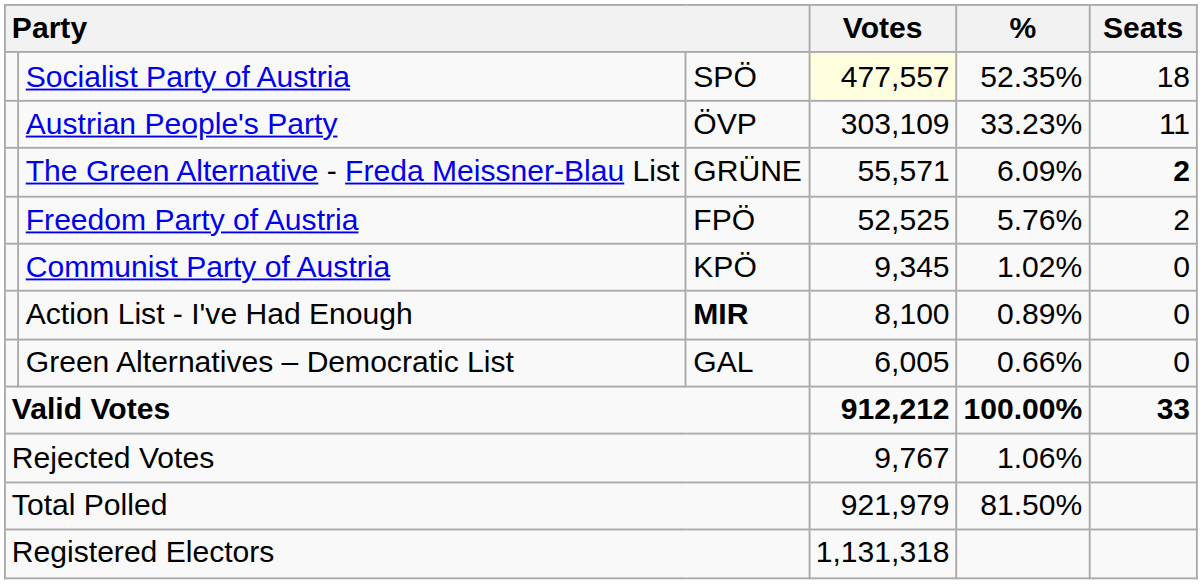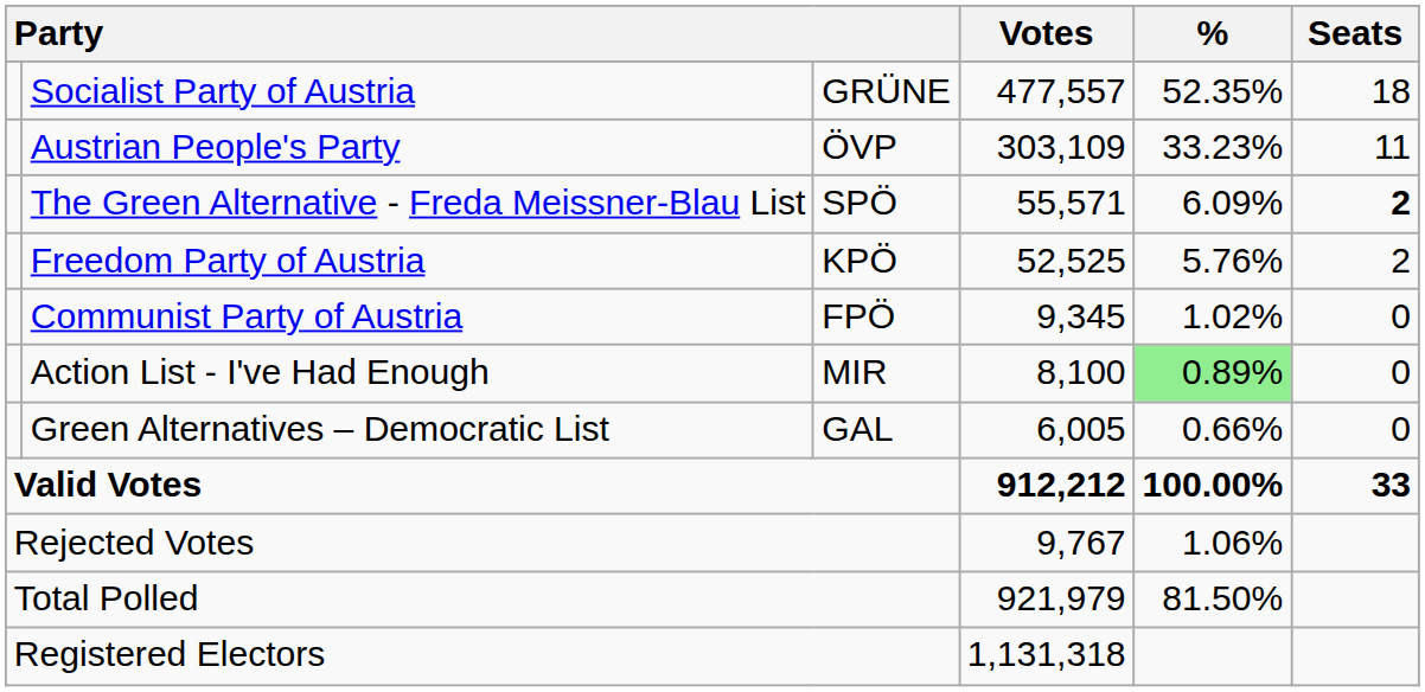 <table class="wikitable" border="1" style="text-align:right;">
 <tr>
 <th style="text-align:left;" colspan=3>Party</th>
 <th align=center width="50">Votes</th>
 <th align=center width="50">%</th>
 <th align=center width="50">Seats</th>
 </tr>
 <tr>
 <td></td>
 <td align=left><a href='#'>Socialist Party of Austria</a></td>
-<td align=left>SPÖ</td>
-<td style="background: lightyellow;">477,557</td>
+<td align=left>GRÜNE</td>
+<td>477,557</td>
 <td>52.35%</td>
 <td>18</td>
 </tr>
 <tr>
 <td></td>
 <td align=left><a href='#'>Austrian People's Party</a></td>
 <td align=left>ÖVP</td>
 <td>303,109</td>
 <td>33.23%</td>
 <td>11</td>
 </tr>
 <tr>
 <td></td>
 <td align=left><a href='#'>The Green Alternative</a> - <a href='#'>Freda Meissner-Blau</a> List</td>
-<td align=left>GRÜNE</td>
+<td align=left>SPÖ</td>
 <td>55,571</td>
 <td>6.09%</td>
 <td><strong>2</strong></td>
 </tr>
 <tr>
 <td></td>
 <td align=left><a href='#'>Freedom Party of Austria</a></td>
-<td align=left>FPÖ</td>
+<td align=left>KPÖ</td>
 <td>52,525</td>
 <td>5.76%</td>
 <td>2</td>
 </tr>
 <tr>
 <td></td>
 <td align=left style="white-space: nowrap;"><a href='#'>Communist Party of Austria</a></td>
-<td align=left>KPÖ</td>
+<td align=left>FPÖ</td>
 <td>9,345</td>
 <td>1.02%</td>
 <td>0</td>
 </tr>
 <tr>
 <td></td>
 <td align=left>Action List - I've Had Enough</td>
-<td align=left><strong>MIR</strong></td>
+<td align=left>MIR</td>
 <td>8,100</td>
-<td>0.89%</td>
+<td style="background: lightgreen;">0.89%</td>
 <td>0</td>
 </tr>
 <tr>
 <td></td>
 <td align=left>Green Alternatives – Democratic List</td>
 <td align=left>GAL</td>
 <td>6,005</td>
 <td>0.66%</td>
 <td>0</td>
 </tr>
 <tr style="font-weight:bold">
 <td align=left colspan=3>Valid Votes</td>
 <td>912,212</td>
 <td>100.00%</td>
 <td>33</td>
 </tr>
 <tr>
 <td align=left colspan=3>Rejected Votes</td>
 <td>9,767</td>
 <td>1.06%</td>
 <td></td>
 </tr>
 <tr>
 <td align=left colspan=3>Total Polled</td>
 <td>921,979</td>
 <td>81.50%</td>
 <td></td>
 </tr>
 <tr>
 <td align=left colspan=3>Registered Electors</td>
 <td>1,131,318</td>
 <td></td>
 <td></td>
 </tr>
 </table>
